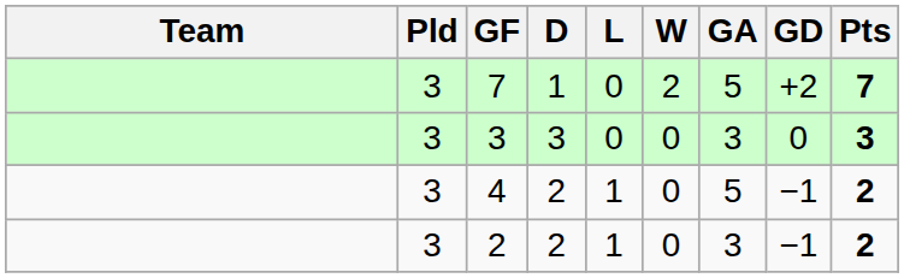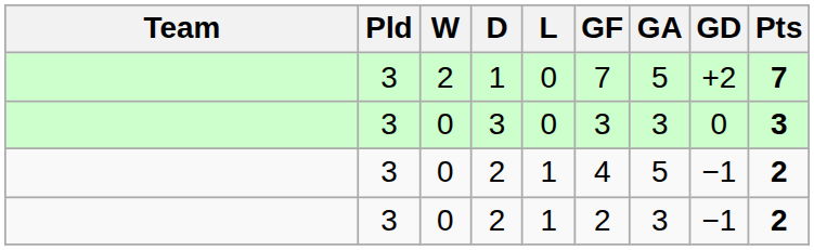 <table class="wikitable" style="text-align:center;">
 <tr>
 <th width=180>Team</th>
 <th width=20>Pld</th>
-<th width=20>GF</th>
+<th width=20>W</th>
 <th width=20>D</th>
 <th width=20>L</th>
-<th width=20>W</th>
+<th width=20>GF</th>
 <th width=20>GA</th>
 <th width=20>GD</th>
 <th width=20>Pts</th>
 </tr>
 <tr bgcolor="ccffcc">
 <td align="left"></td>
 <td>3</td>
-<td>7</td>
+<td>2</td>
 <td>1</td>
 <td>0</td>
-<td>2</td>
+<td>7</td>
 <td>5</td>
 <td>+2</td>
 <td><strong>7</strong></td>
 </tr>
 <tr bgcolor="ccffcc">
 <td align="left"></td>
 <td>3</td>
-<td>3</td>
+<td>0</td>
 <td>3</td>
 <td>0</td>
-<td>0</td>
+<td>3</td>
 <td>3</td>
 <td>0</td>
 <td><strong>3</strong></td>
 </tr>
 <tr>
 <td align="left"></td>
 <td>3</td>
-<td>4</td>
+<td>0</td>
 <td>2</td>
 <td>1</td>
-<td>0</td>
+<td>4</td>
 <td>5</td>
 <td>−1</td>
 <td><strong>2</strong></td>
 </tr>
 <tr>
 <td align="left"></td>
 <td>3</td>
-<td>2</td>
+<td>0</td>
 <td>2</td>
 <td>1</td>
-<td>0</td>
+<td>2</td>
 <td>3</td>
 <td>−1</td>
 <td><strong>2</strong></td>
 </tr>
 </table>
